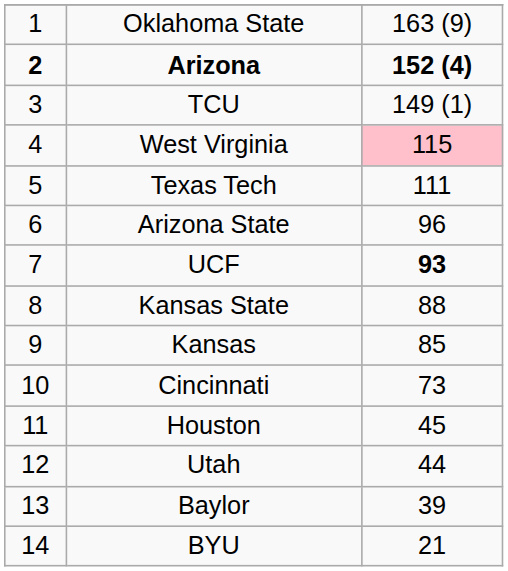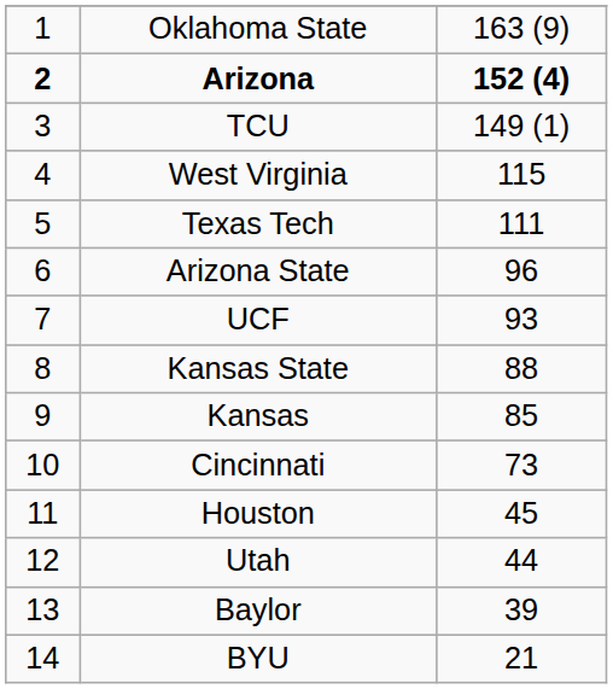 <table class="wikitable" style="width: 25%;text-align: center;">
 <tr align="center">
 </tr>
 <tr align="center">
 <td>1</td>
 <td>Oklahoma State</td>
 <td>163 (9)</td>
 </tr>
 <tr align="center">
 <td><strong>2</strong></td>
 <td><strong>Arizona</strong></td>
 <td><strong>152 (4)</strong></td>
 </tr>
 <tr align="center">
 <td>3</td>
 <td>TCU</td>
 <td>149 (1)</td>
 </tr>
 <tr align="center">
 <td>4</td>
 <td>West Virginia</td>
-<td style="background: pink;">115</td>
+<td>115</td>
 </tr>
 <tr align="center">
 <td>5</td>
 <td>Texas Tech</td>
 <td>111</td>
 </tr>
 <tr align="center">
 <td>6</td>
 <td>Arizona State</td>
 <td>96</td>
 </tr>
 <tr align="center">
 <td>7</td>
 <td>UCF</td>
-<td><strong>93</strong></td>
+<td>93</td>
 </tr>
 <tr align="center">
 <td>8</td>
 <td>Kansas State</td>
 <td>88</td>
 </tr>
 <tr align="center">
 <td>9</td>
 <td>Kansas</td>
 <td>85</td>
 </tr>
 <tr align="center">
 <td>10</td>
 <td>Cincinnati</td>
 <td>73</td>
 </tr>
 <tr align="center">
 <td>11</td>
 <td>Houston</td>
 <td>45</td>
 </tr>
 <tr align="center">
 <td>12</td>
 <td>Utah</td>
 <td>44</td>
 </tr>
 <tr align="center">
 <td>13</td>
 <td>Baylor</td>
 <td>39</td>
 </tr>
 <tr align="center">
 <td>14</td>
 <td>BYU</td>
 <td>21</td>
 </tr>
 </table>
